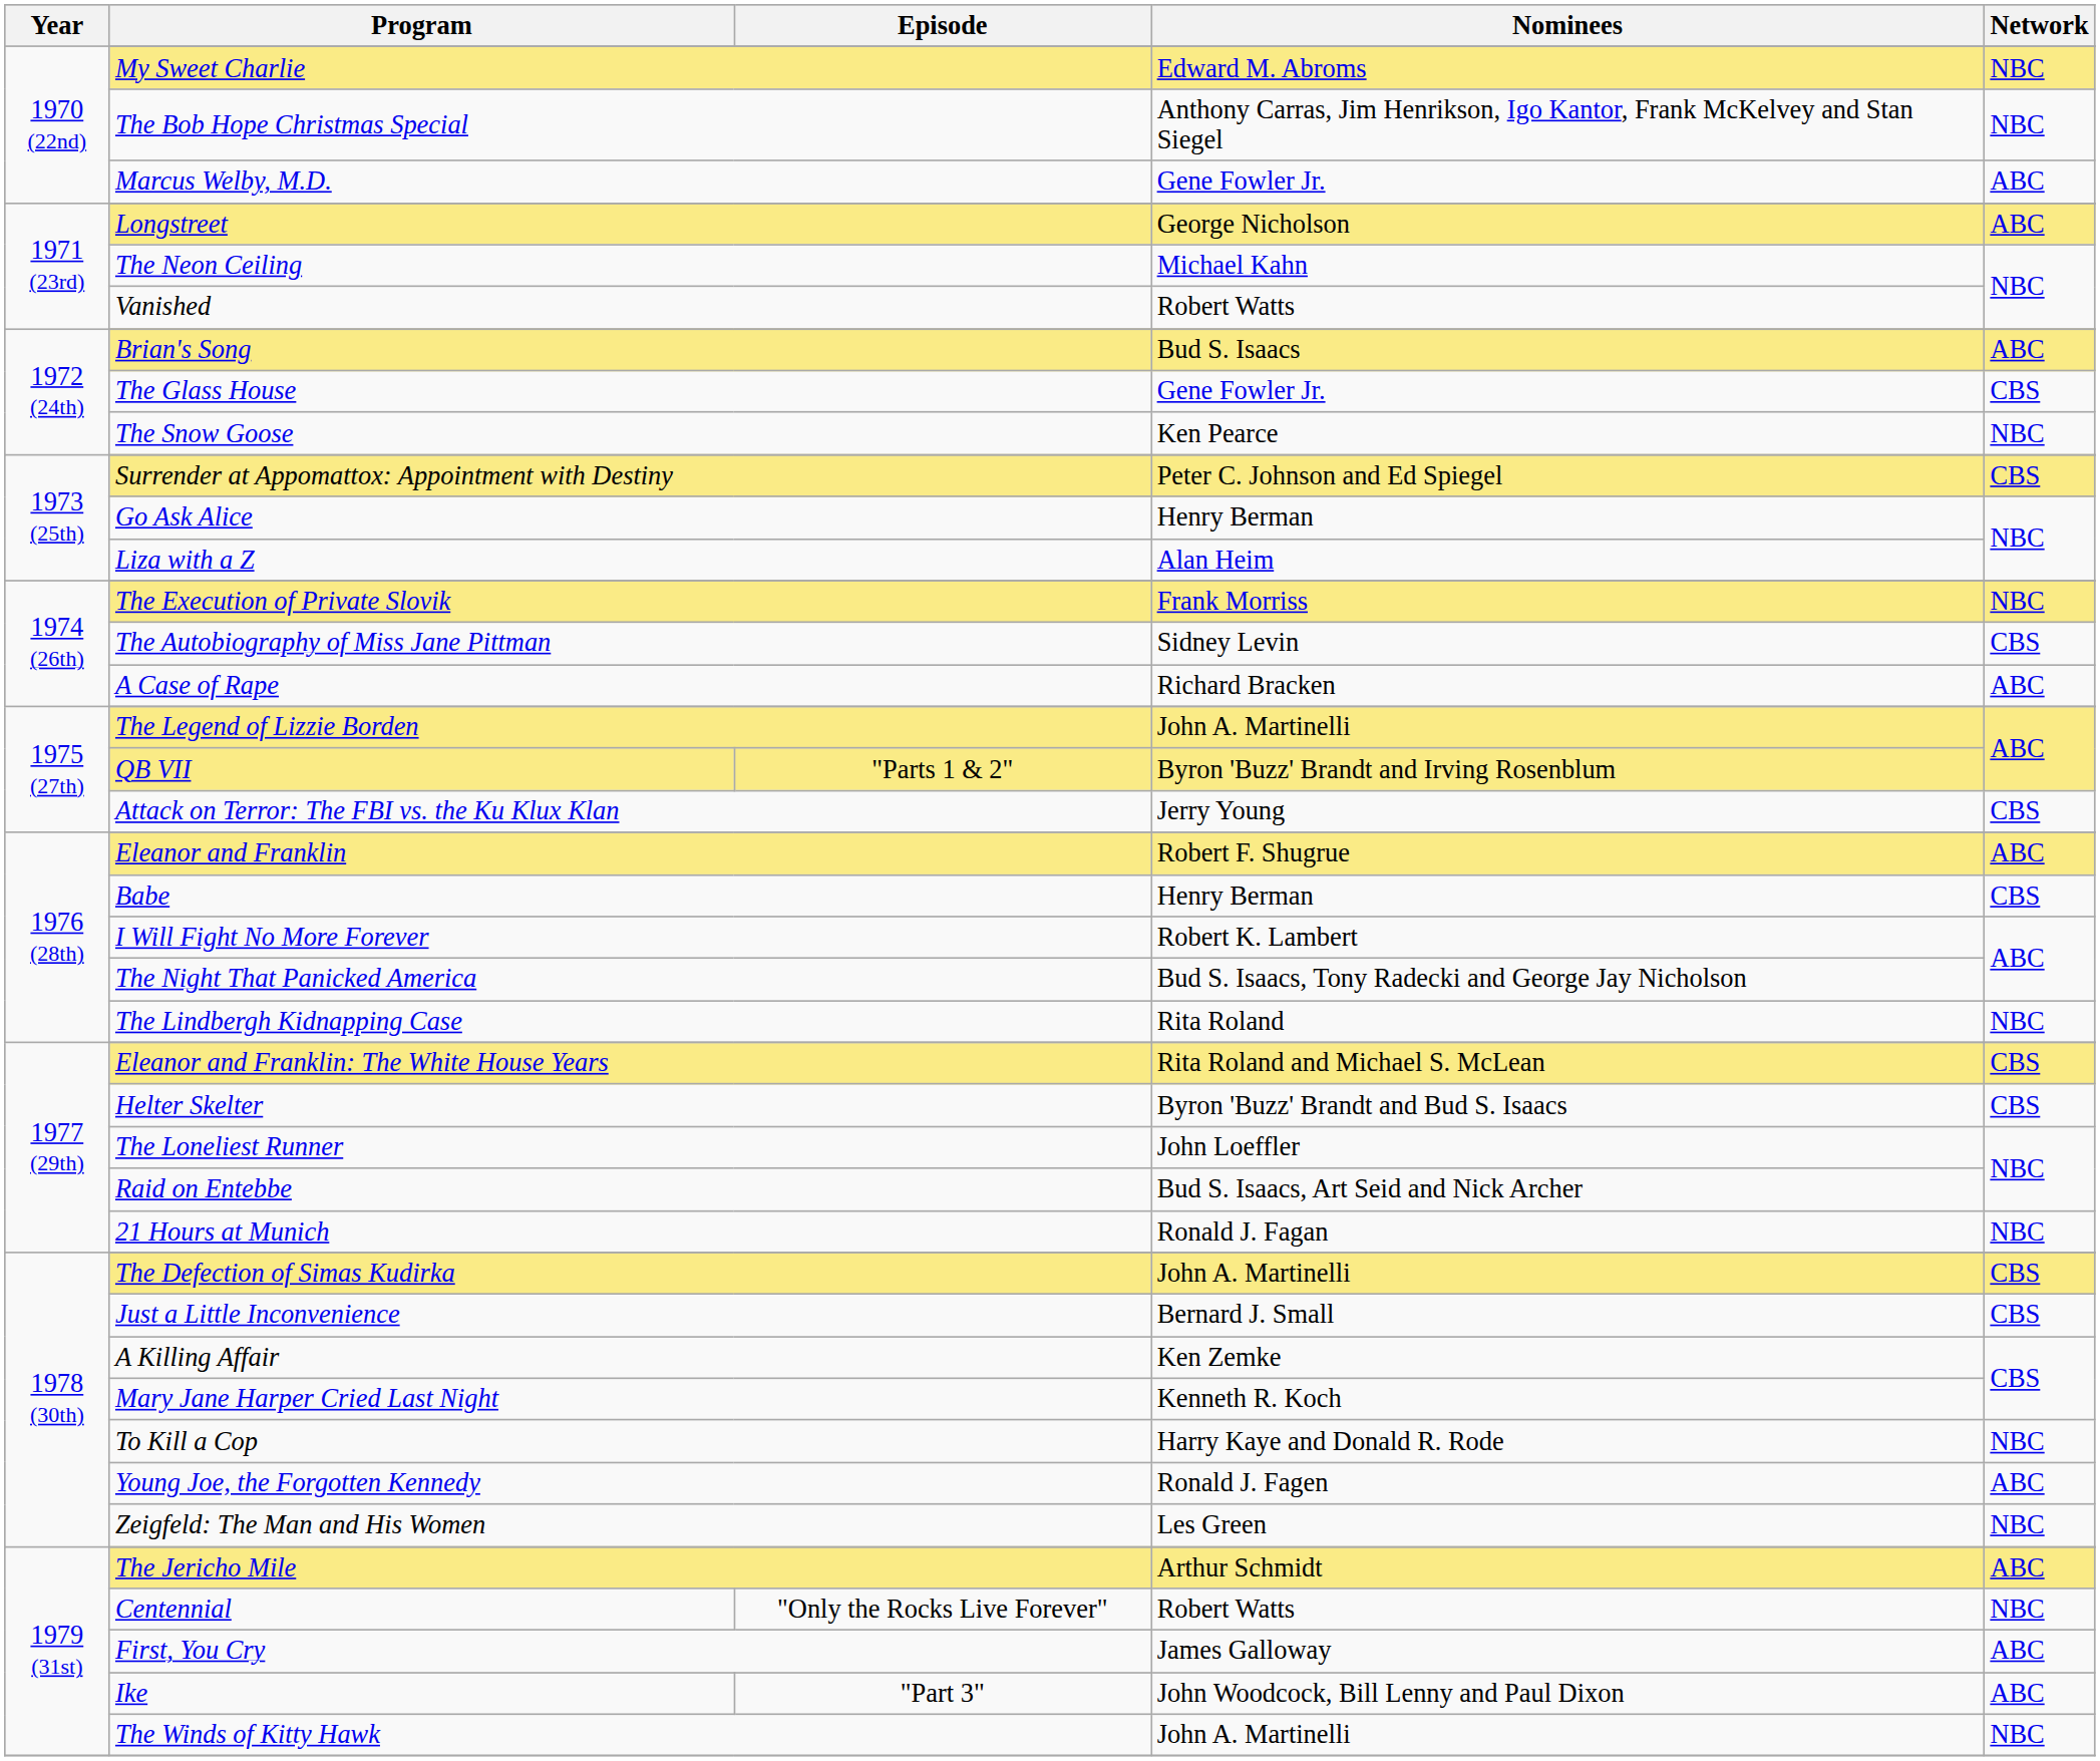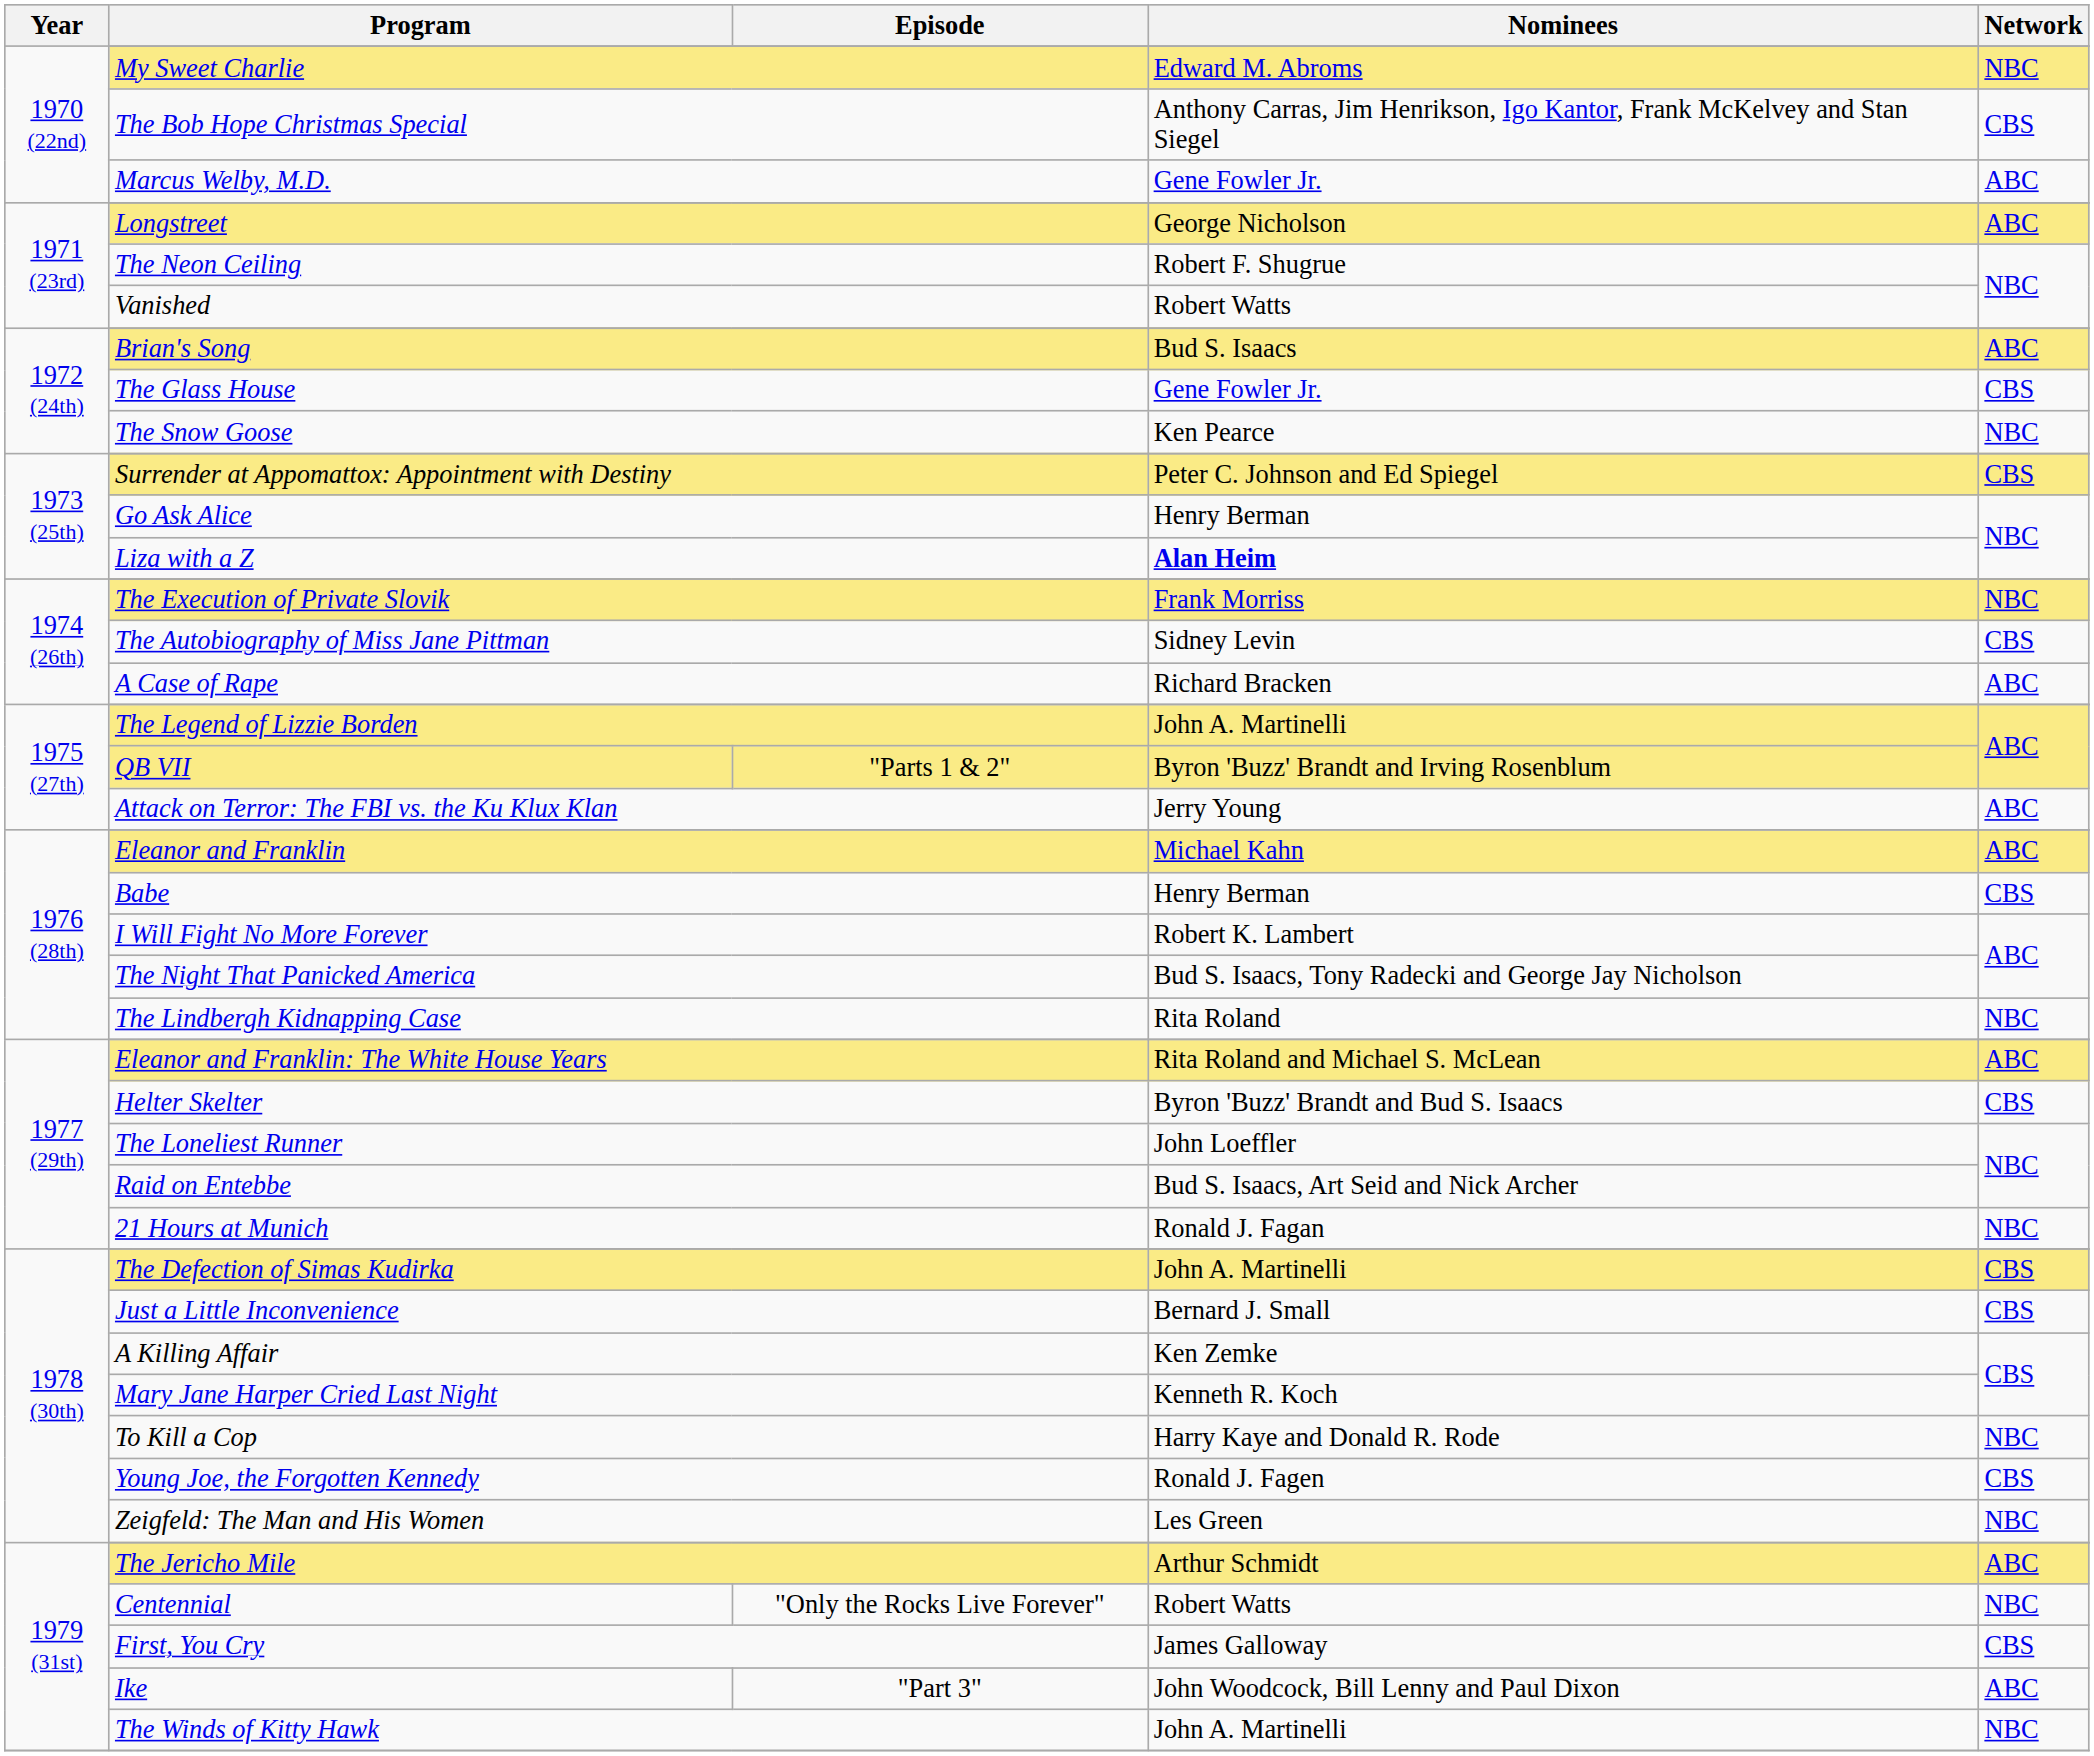 <table class="wikitable" style="width:100%">
 <tr>
 <th width="5%">Year</th>
 <th width="30%">Program</th>
 <th width="20%">Episode</th>
 <th width="40%">Nominees</th>
 <th width="5%">Network</th>
 </tr>
 <tr>
 <td rowspan="4" style="text-align:center;"><a href='#'>1970</a><br><small><a href='#'>(22nd)</a></small><br></td>
 </tr>
 <tr style="background:#FAEB86;">
 <td colspan=2><em><a href='#'>My Sweet Charlie</a></em></td>
 <td><a href='#'>Edward M. Abroms</a></td>
 <td><a href='#'>NBC</a></td>
 </tr>
 <tr>
 <td colspan=2><em><a href='#'>The Bob Hope Christmas Special</a></em></td>
 <td>Anthony Carras, Jim Henrikson, <a href='#'>Igo Kantor</a>, Frank McKelvey and Stan Siegel</td>
-<td><a href='#'>NBC</a></td>
+<td><a href='#'>CBS</a></td>
 </tr>
 <tr>
 <td colspan=2><em><a href='#'>Marcus Welby, M.D.</a></em></td>
 <td><a href='#'>Gene Fowler Jr.</a></td>
 <td><a href='#'>ABC</a></td>
 </tr>
 <tr>
 <td rowspan="4" style="text-align:center;"><a href='#'>1971</a><br><small><a href='#'>(23rd)</a></small><br></td>
 </tr>
 <tr style="background:#FAEB86;">
 <td colspan=2><em><a href='#'>Longstreet</a></em></td>
 <td>George Nicholson</td>
 <td><a href='#'>ABC</a></td>
 </tr>
 <tr>
 <td colspan=2><em><a href='#'>The Neon Ceiling</a></em></td>
-<td><a href='#'>Michael Kahn</a></td>
+<td>Robert F. Shugrue</td>
 <td rowspan=2><a href='#'>NBC</a></td>
 </tr>
 <tr>
 <td colspan=2><em>Vanished</em></td>
 <td>Robert Watts</td>
 </tr>
 <tr>
 <td rowspan="4" style="text-align:center;"><a href='#'>1972</a><br><small><a href='#'>(24th)</a></small><br></td>
 </tr>
 <tr style="background:#FAEB86;">
 <td colspan=2><em><a href='#'>Brian's Song</a></em></td>
 <td>Bud S. Isaacs</td>
 <td><a href='#'>ABC</a></td>
 </tr>
 <tr>
 <td colspan=2><em><a href='#'>The Glass House</a></em></td>
 <td><a href='#'>Gene Fowler Jr.</a></td>
 <td><a href='#'>CBS</a></td>
 </tr>
 <tr>
 <td colspan=2><em><a href='#'>The Snow Goose</a></em></td>
 <td>Ken Pearce</td>
 <td><a href='#'>NBC</a></td>
 </tr>
 <tr>
 <td rowspan="4" style="text-align:center;"><a href='#'>1973</a><br><small><a href='#'>(25th)</a></small><br></td>
 </tr>
 <tr style="background:#FAEB86;">
 <td colspan=2><em>Surrender at Appomattox: Appointment with Destiny</em></td>
 <td>Peter C. Johnson and Ed Spiegel</td>
 <td><a href='#'>CBS</a></td>
 </tr>
 <tr>
 <td colspan=2><em><a href='#'>Go Ask Alice</a></em></td>
 <td>Henry Berman</td>
 <td rowspan=2><a href='#'>NBC</a></td>
 </tr>
 <tr>
 <td colspan=2><em><a href='#'>Liza with a Z</a></em></td>
-<td><a href='#'>Alan Heim</a></td>
+<td><strong><a href='#'>Alan Heim</a></strong></td>
 </tr>
 <tr>
 <td rowspan="4" style="text-align:center;"><a href='#'>1974</a><br><small><a href='#'>(26th)</a></small><br></td>
 </tr>
 <tr style="background:#FAEB86;">
 <td colspan=2><em><a href='#'>The Execution of Private Slovik</a></em></td>
 <td><a href='#'>Frank Morriss</a></td>
 <td><a href='#'>NBC</a></td>
 </tr>
 <tr>
 <td colspan=2><em><a href='#'>The Autobiography of Miss Jane Pittman</a></em></td>
 <td>Sidney Levin</td>
 <td><a href='#'>CBS</a></td>
 </tr>
 <tr>
 <td colspan=2><em><a href='#'>A Case of Rape</a></em></td>
 <td>Richard Bracken</td>
 <td><a href='#'>ABC</a></td>
 </tr>
 <tr>
 <td rowspan="4" style="text-align:center;"><a href='#'>1975</a><br><small><a href='#'>(27th)</a></small></td>
 </tr>
 <tr style="background:#FAEB86;">
 <td colspan=2><em><a href='#'>The Legend of Lizzie Borden</a></em></td>
 <td>John A. Martinelli</td>
 <td rowspan=2><a href='#'>ABC</a></td>
 </tr>
 <tr style="background:#FAEB86;">
 <td><em><a href='#'>QB VII</a></em></td>
 <td align=center>"Parts 1 & 2"</td>
 <td>Byron 'Buzz' Brandt and Irving Rosenblum</td>
 </tr>
 <tr>
 <td colspan=2><em><a href='#'>Attack on Terror: The FBI vs. the Ku Klux Klan</a></em></td>
 <td>Jerry Young</td>
-<td><a href='#'>CBS</a></td>
+<td><a href='#'>ABC</a></td>
 </tr>
 <tr>
 <td rowspan="6" style="text-align:center;"><a href='#'>1976</a><br><small><a href='#'>(28th)</a></small><br></td>
 </tr>
 <tr style="background:#FAEB86;">
 <td colspan=2><em><a href='#'>Eleanor and Franklin</a></em></td>
-<td>Robert F. Shugrue</td>
+<td><a href='#'>Michael Kahn</a></td>
 <td><a href='#'>ABC</a></td>
 </tr>
 <tr>
 <td colspan=2><em><a href='#'>Babe</a></em></td>
 <td>Henry Berman</td>
 <td><a href='#'>CBS</a></td>
 </tr>
 <tr>
 <td colspan=2><em><a href='#'>I Will Fight No More Forever</a></em></td>
 <td>Robert K. Lambert</td>
 <td rowspan=2><a href='#'>ABC</a></td>
 </tr>
 <tr>
 <td colspan=2><em><a href='#'>The Night That Panicked America</a></em></td>
 <td>Bud S. Isaacs, Tony Radecki and George Jay Nicholson</td>
 </tr>
 <tr>
 <td colspan=2><em><a href='#'>The Lindbergh Kidnapping Case</a></em></td>
 <td>Rita Roland</td>
 <td><a href='#'>NBC</a></td>
 </tr>
 <tr>
 <td rowspan="6" style="text-align:center;"><a href='#'>1977</a><br><small><a href='#'>(29th)</a></small><br></td>
 </tr>
 <tr style="background:#FAEB86;">
 <td colspan=2><em><a href='#'>Eleanor and Franklin: The White House Years</a></em></td>
 <td>Rita Roland and Michael S. McLean</td>
-<td><a href='#'>CBS</a></td>
+<td><a href='#'>ABC</a></td>
 </tr>
 <tr>
 <td colspan=2><em><a href='#'>Helter Skelter</a></em></td>
 <td>Byron 'Buzz' Brandt and Bud S. Isaacs</td>
 <td><a href='#'>CBS</a></td>
 </tr>
 <tr>
 <td colspan=2><em><a href='#'>The Loneliest Runner</a></em></td>
 <td>John Loeffler</td>
 <td rowspan=2><a href='#'>NBC</a></td>
 </tr>
 <tr>
 <td colspan=2><em><a href='#'>Raid on Entebbe</a></em></td>
 <td>Bud S. Isaacs, Art Seid and Nick Archer</td>
 </tr>
 <tr>
 <td colspan=2><em><a href='#'>21 Hours at Munich</a></em></td>
 <td>Ronald J. Fagan</td>
 <td><a href='#'>NBC</a></td>
 </tr>
 <tr>
 <td rowspan="8" style="text-align:center;"><a href='#'>1978</a><br><small><a href='#'>(30th)</a></small><br></td>
 </tr>
 <tr style="background:#FAEB86;">
 <td colspan=2><em><a href='#'>The Defection of Simas Kudirka</a></em></td>
 <td>John A. Martinelli</td>
 <td><a href='#'>CBS</a></td>
 </tr>
 <tr>
 <td colspan=2><em><a href='#'>Just a Little Inconvenience</a></em></td>
 <td>Bernard J. Small</td>
 <td><a href='#'>CBS</a></td>
 </tr>
 <tr>
 <td colspan=2><em>A Killing Affair</em></td>
 <td>Ken Zemke</td>
 <td rowspan=2><a href='#'>CBS</a></td>
 </tr>
 <tr>
 <td colspan=2><em><a href='#'>Mary Jane Harper Cried Last Night</a></em></td>
 <td>Kenneth R. Koch</td>
 </tr>
 <tr>
 <td colspan=2><em>To Kill a Cop</em></td>
 <td>Harry Kaye and Donald R. Rode</td>
 <td><a href='#'>NBC</a></td>
 </tr>
 <tr>
 <td colspan=2><em><a href='#'>Young Joe, the Forgotten Kennedy</a></em></td>
 <td>Ronald J. Fagen</td>
-<td><a href='#'>ABC</a></td>
+<td><a href='#'>CBS</a></td>
 </tr>
 <tr>
 <td colspan=2><em>Zeigfeld: The Man and His Women</em></td>
 <td>Les Green</td>
 <td><a href='#'>NBC</a></td>
 </tr>
 <tr>
 <td rowspan="6" style="text-align:center;"><a href='#'>1979</a><br><small><a href='#'>(31st)</a></small><br></td>
 </tr>
 <tr style="background:#FAEB86;">
 <td colspan=2><em><a href='#'>The Jericho Mile</a></em></td>
 <td>Arthur Schmidt</td>
 <td><a href='#'>ABC</a></td>
 </tr>
 <tr>
 <td><em><a href='#'>Centennial</a></em></td>
 <td align=center>"Only the Rocks Live Forever"</td>
 <td>Robert Watts</td>
 <td><a href='#'>NBC</a></td>
 </tr>
 <tr>
 <td colspan=2><em><a href='#'>First, You Cry</a></em></td>
 <td>James Galloway</td>
-<td><a href='#'>ABC</a></td>
+<td><a href='#'>CBS</a></td>
 </tr>
 <tr>
 <td><em><a href='#'>Ike</a></em></td>
 <td align=center>"Part 3"</td>
 <td>John Woodcock, Bill Lenny and Paul Dixon</td>
 <td><a href='#'>ABC</a></td>
 </tr>
 <tr>
 <td colspan=2><em><a href='#'>The Winds of Kitty Hawk</a></em></td>
 <td>John A. Martinelli</td>
 <td><a href='#'>NBC</a></td>
 </tr>
 <tr>
 </tr>
 </table>
